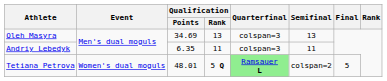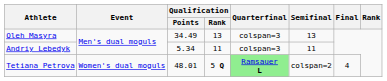 <table class="wikitable" style="font-size:90%">
 <tr>
 <th rowspan=2>Athlete</th>
 <th rowspan=2>Event</th>
 <th colspan=2>Qualification</th>
 <th rowspan=2>Quarterfinal</th>
 <th rowspan=2>Semifinal</th>
 <th rowspan=2>Final</th>
 <th rowspan=2>Rank</th>
 </tr>
 <tr style="font-size:95%">
 <th>Points</th>
 <th>Rank</th>
 </tr>
 <tr align=center>
 <td align=left><a href='#'>Oleh Masyra</a></td>
 <td align="left" rowspan=2><a href='#'>Men's dual moguls</a></td>
-<td>34.69</td>
+<td>34.49</td>
 <td>13</td>
 <td>colspan=3 </td>
 <td>13</td>
 </tr>
 <tr align=center>
 <td align=left><a href='#'>Andriy Lebedyk</a></td>
-<td>6.35</td>
+<td>5.34</td>
 <td>11</td>
 <td>colspan=3 </td>
 <td>11</td>
 </tr>
 <tr align=center>
 <td align=left><a href='#'>Tetiana Petrova</a></td>
 <td align="left"><a href='#'>Women's dual moguls</a></td>
 <td>48.01</td>
 <td>5 <strong>Q</strong></td>
 <td style="background: lightgreen;"> <a href='#'>Ramsauer</a><br><strong>L</strong></td>
 <td>colspan=2 </td>
-<td>5</td>
+<td>4</td>
 </tr>
 </table>
